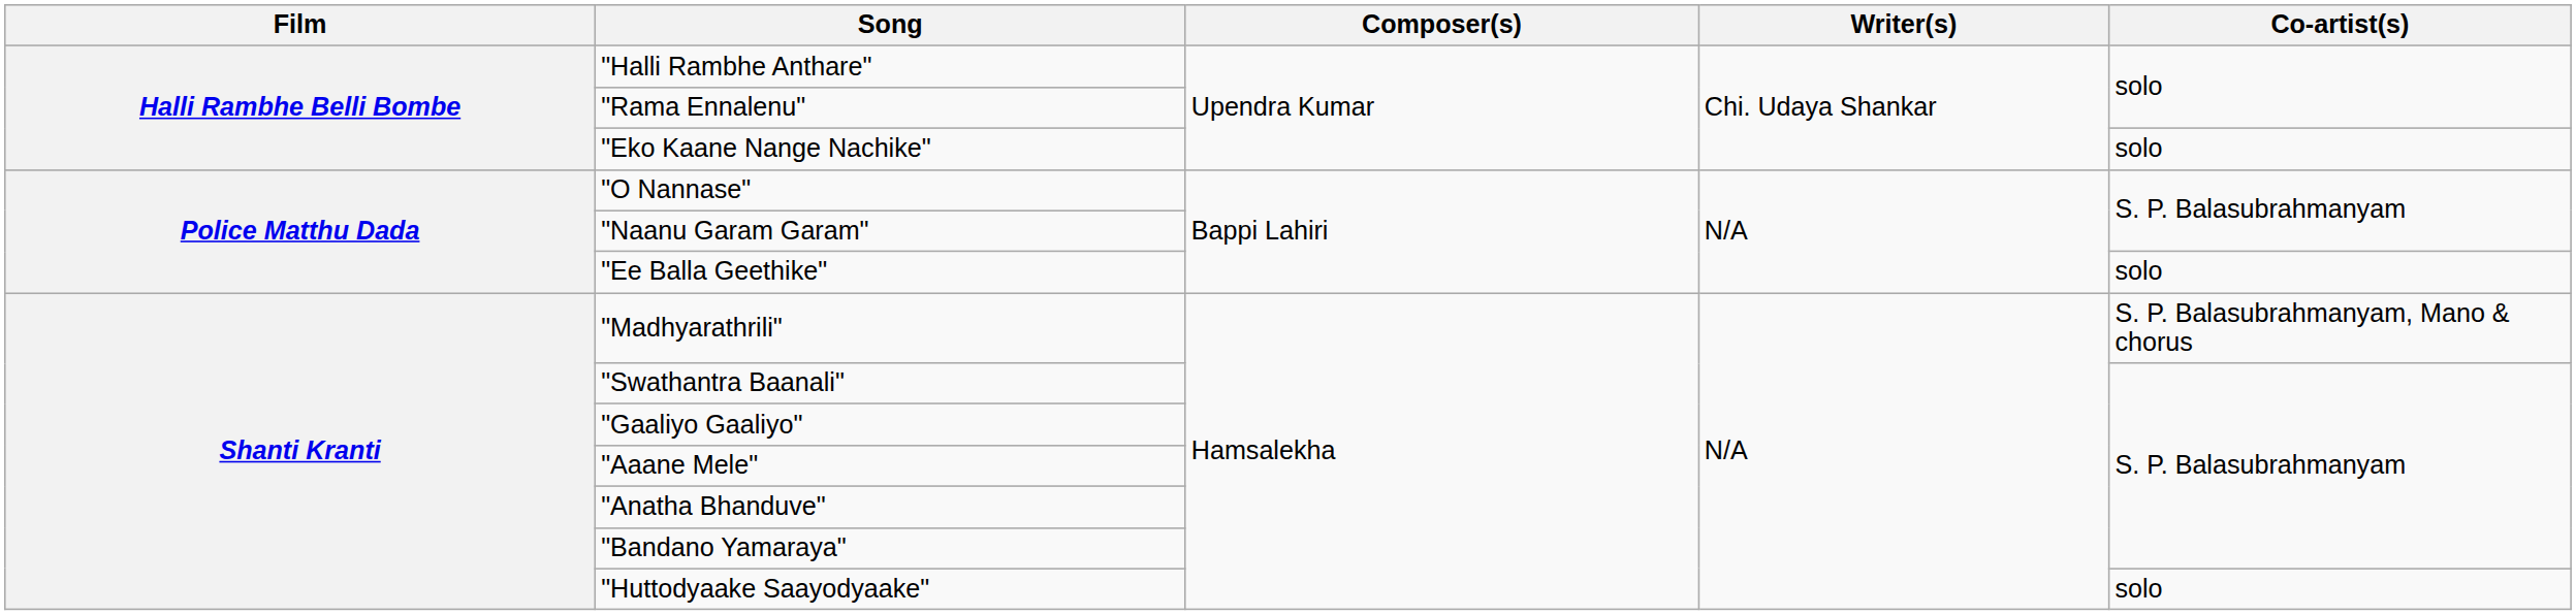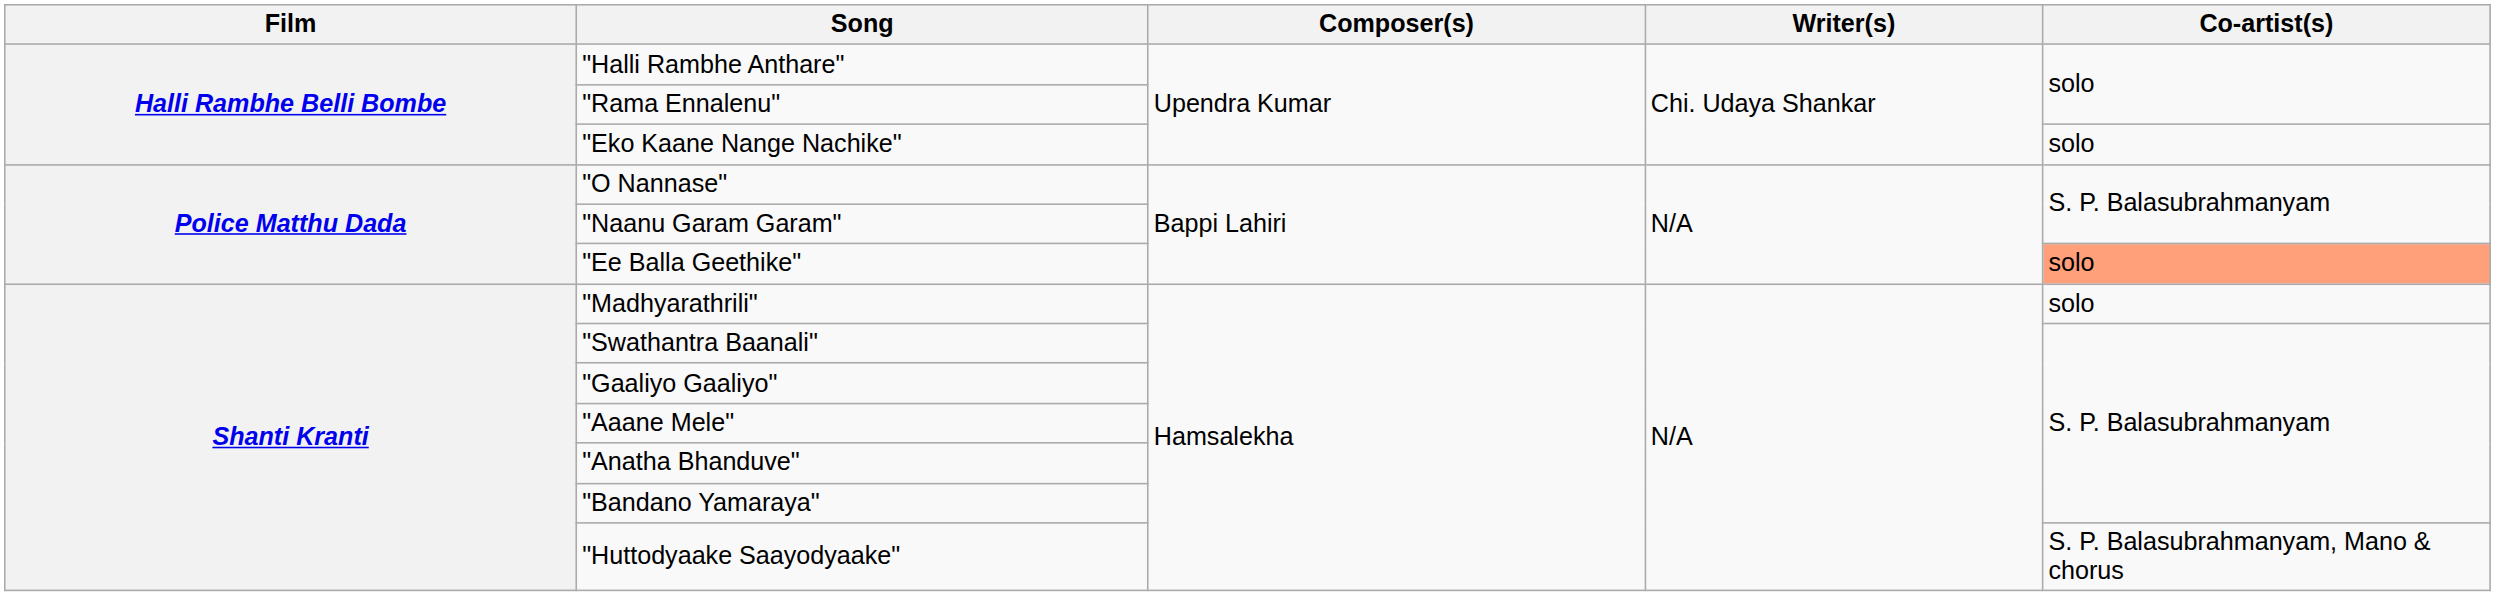 <table class="wikitable plainrowheaders" width="100%" textcolor:#000;">
 <tr style="background:#b0e0e66;">
 <th scope="col" width=23%><strong>Film</strong></th>
 <th scope="col" width=23%><strong>Song</strong></th>
 <th scope="col" width=20%><strong>Composer(s)</strong></th>
 <th scope="col" width=16%><strong>Writer(s)</strong></th>
 <th scope="col" width=18%><strong>Co-artist(s)</strong></th>
 </tr>
 <tr>
 <th Rowspan=3><em><a href='#'>Halli Rambhe Belli Bombe</a></em></th>
 <td>"Halli Rambhe Anthare"</td>
 <td rowspan=3>Upendra Kumar</td>
 <td rowspan=3>Chi. Udaya Shankar</td>
 <td rowspan=2>solo</td>
 </tr>
 <tr>
 <td>"Rama Ennalenu"</td>
 </tr>
 <tr>
 <td>"Eko Kaane Nange Nachike"</td>
 <td>solo</td>
 </tr>
 <tr>
 <th Rowspan=3><em><a href='#'>Police Matthu Dada</a></em></th>
 <td>"O Nannase"</td>
 <td rowspan=3>Bappi Lahiri</td>
 <td rowspan=3>N/A</td>
 <td rowspan=2>S. P. Balasubrahmanyam</td>
 </tr>
 <tr>
 <td>"Naanu Garam Garam"</td>
 </tr>
 <tr>
 <td>"Ee Balla Geethike"</td>
-<td>solo</td>
+<td style="background: lightsalmon;">solo</td>
 </tr>
 <tr>
 <th Rowspan=8><em><a href='#'>Shanti Kranti</a></em></th>
 <td>"Madhyarathrili"</td>
 <td Rowspan=8>Hamsalekha</td>
 <td rowspan=8>N/A</td>
-<td>S. P. Balasubrahmanyam, Mano & chorus</td>
+<td>solo</td>
 </tr>
 <tr>
 <td>"Swathantra Baanali"</td>
 <td rowspan=5>S. P. Balasubrahmanyam</td>
 </tr>
 <tr>
 <td>"Gaaliyo Gaaliyo"</td>
 </tr>
 <tr>
 <td>"Aaane Mele"</td>
 </tr>
 <tr>
 <td>"Anatha Bhanduve"</td>
 </tr>
 <tr>
 <td>"Bandano Yamaraya"</td>
 </tr>
 <tr>
 <td>"Huttodyaake Saayodyaake"</td>
-<td>solo</td>
+<td>S. P. Balasubrahmanyam, Mano & chorus</td>
 </tr>
 </table>
